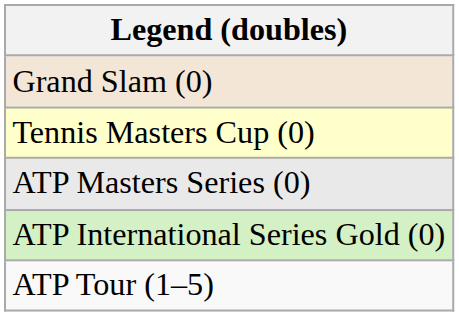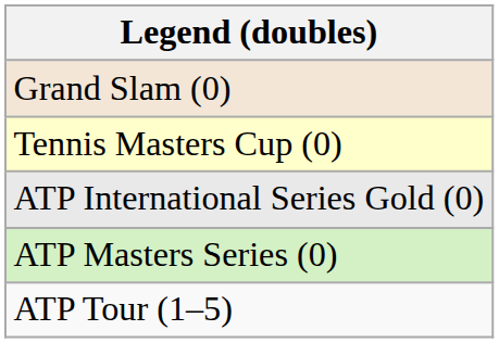 <table class="wikitable">
 <tr>
 <th>Legend (doubles)</th>
 </tr>
 <tr style="background:#f3e6d7;">
 <td>Grand Slam (0)</td>
 </tr>
 <tr style="background:#ffc;">
 <td>Tennis Masters Cup (0)</td>
 </tr>
 <tr style="background:#e9e9e9;">
-<td>ATP Masters Series (0)</td>
+<td>ATP International Series Gold (0)</td>
 </tr>
 <tr style="background:#d4f1c5;">
-<td>ATP International Series Gold (0)</td>
+<td>ATP Masters Series (0)</td>
 </tr>
 <tr>
 <td>ATP Tour (1–5)</td>
 </tr>
 </table>
